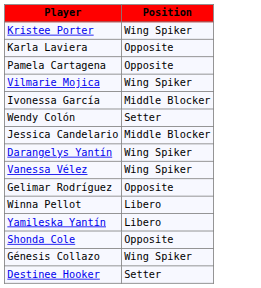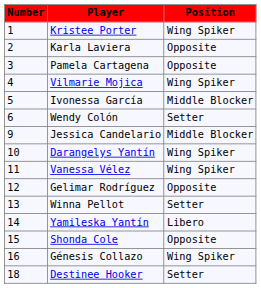 <table bgcolor="#f7f8ff" cellpadding="3" cellspacing="0" border="1" style="font-size: 95%; border: gray solid 1px; border-collapse: collapse;">
 <tr bgcolor="#ff0000">
+<td align=center><strong>Number</strong></td>
 <td align=center><strong>Player</strong></td>
 <td align=center><strong>Position</strong></td>
 </tr>
 <tr align="left">
+<td>1</td>
 <td> <a href='#'>Kristee Porter</a></td>
 <td>Wing Spiker</td>
 </tr>
 <tr align=left>
+<td>2</td>
 <td> Karla Laviera</td>
 <td>Opposite</td>
 </tr>
 <tr align="left">
+<td>3</td>
 <td> Pamela Cartagena</td>
 <td>Opposite</td>
 </tr>
 <tr align="left">
+<td>4</td>
 <td> <a href='#'>Vilmarie Mojica</a></td>
 <td>Wing Spiker</td>
 </tr>
 <tr align="left">
+<td>5</td>
 <td> Ivonessa García</td>
 <td>Middle Blocker</td>
 </tr>
 <tr align="left">
+<td>6</td>
 <td> Wendy Colón</td>
 <td>Setter</td>
 </tr>
 <tr align="left">
+<td>9</td>
 <td> Jessica Candelario</td>
 <td>Middle Blocker</td>
 </tr>
 <tr align="left">
+<td>10</td>
 <td> <a href='#'>Darangelys Yantín</a></td>
 <td>Wing Spiker</td>
 </tr>
 <tr align="left">
+<td>11</td>
 <td> <a href='#'>Vanessa Vélez</a></td>
 <td>Wing Spiker</td>
 </tr>
 <tr align="left">
+<td>12</td>
 <td> Gelimar Rodríguez</td>
 <td>Opposite</td>
 </tr>
 <tr align="left">
+<td>13</td>
 <td> Winna Pellot</td>
-<td>Libero</td>
+<td>Setter</td>
 </tr>
 <tr align="left">
+<td>14</td>
 <td> <a href='#'>Yamileska Yantín</a></td>
 <td>Libero</td>
 </tr>
 <tr align="left">
+<td>15</td>
 <td> <a href='#'>Shonda Cole</a></td>
 <td>Opposite</td>
 </tr>
 <tr align="left">
+<td>16</td>
 <td> Génesis Collazo</td>
 <td>Wing Spiker</td>
 </tr>
 <tr align="left">
+<td>18</td>
 <td> <a href='#'>Destinee Hooker</a></td>
 <td>Setter</td>
 </tr>
 </table>
